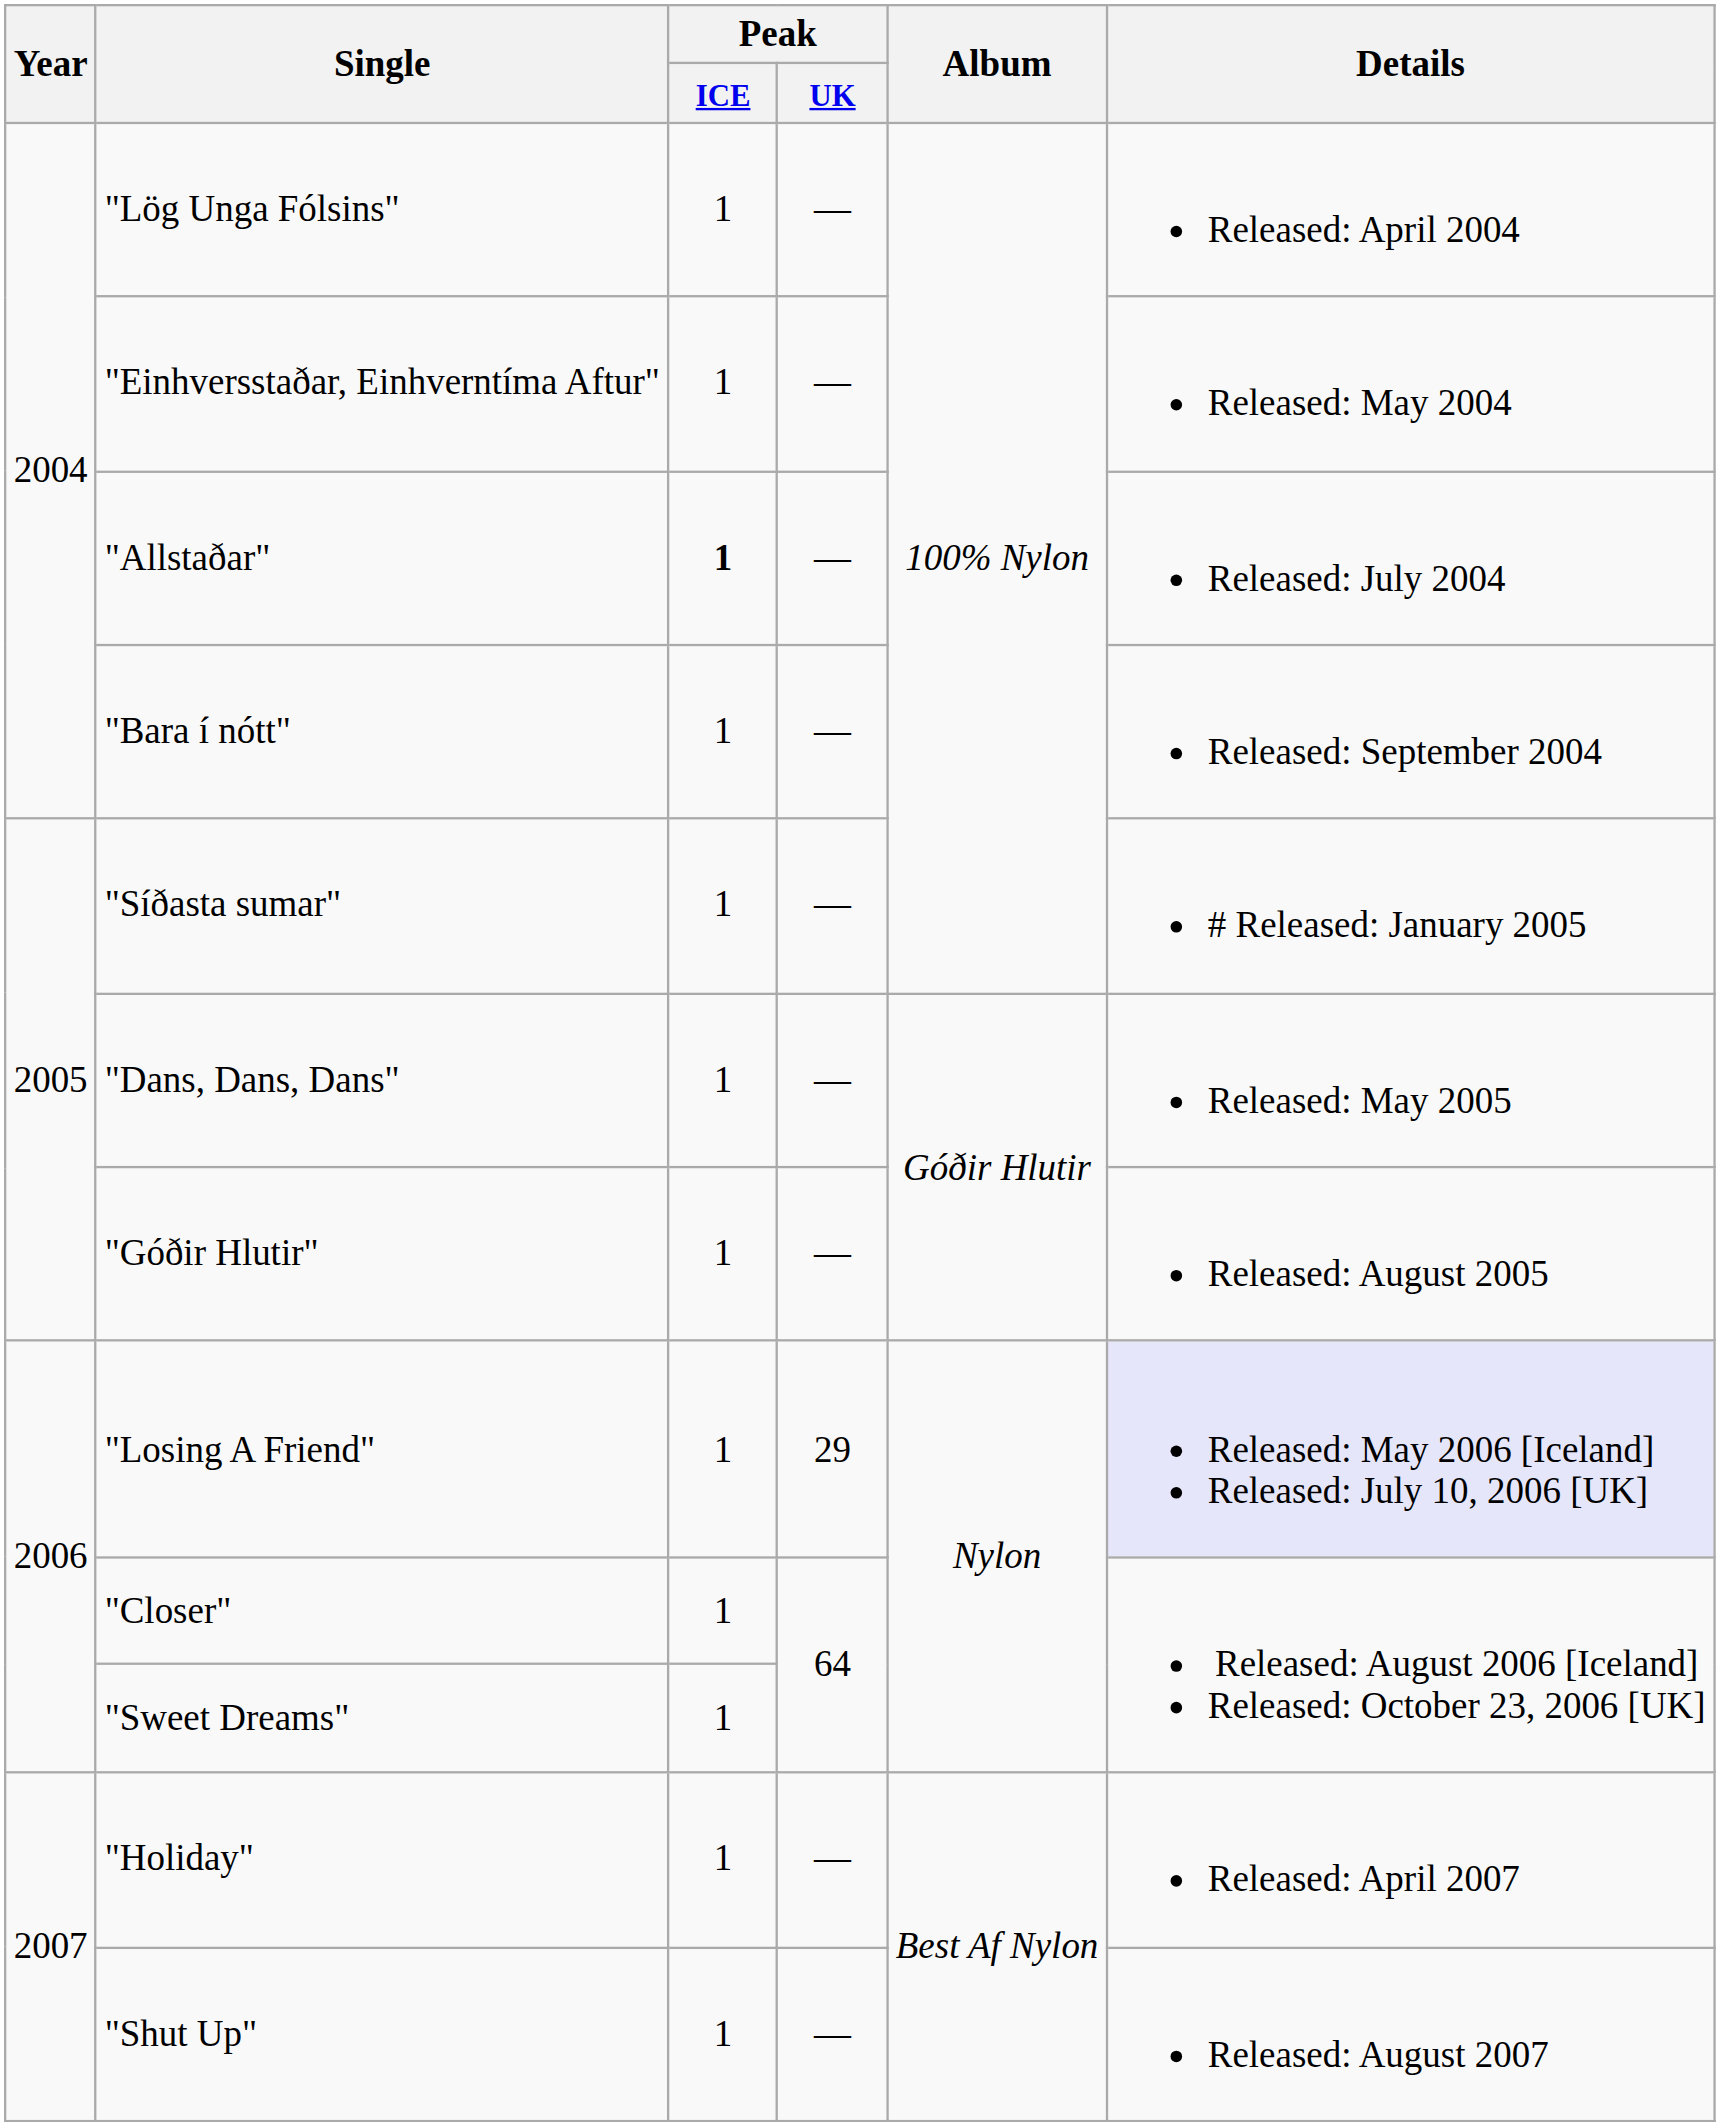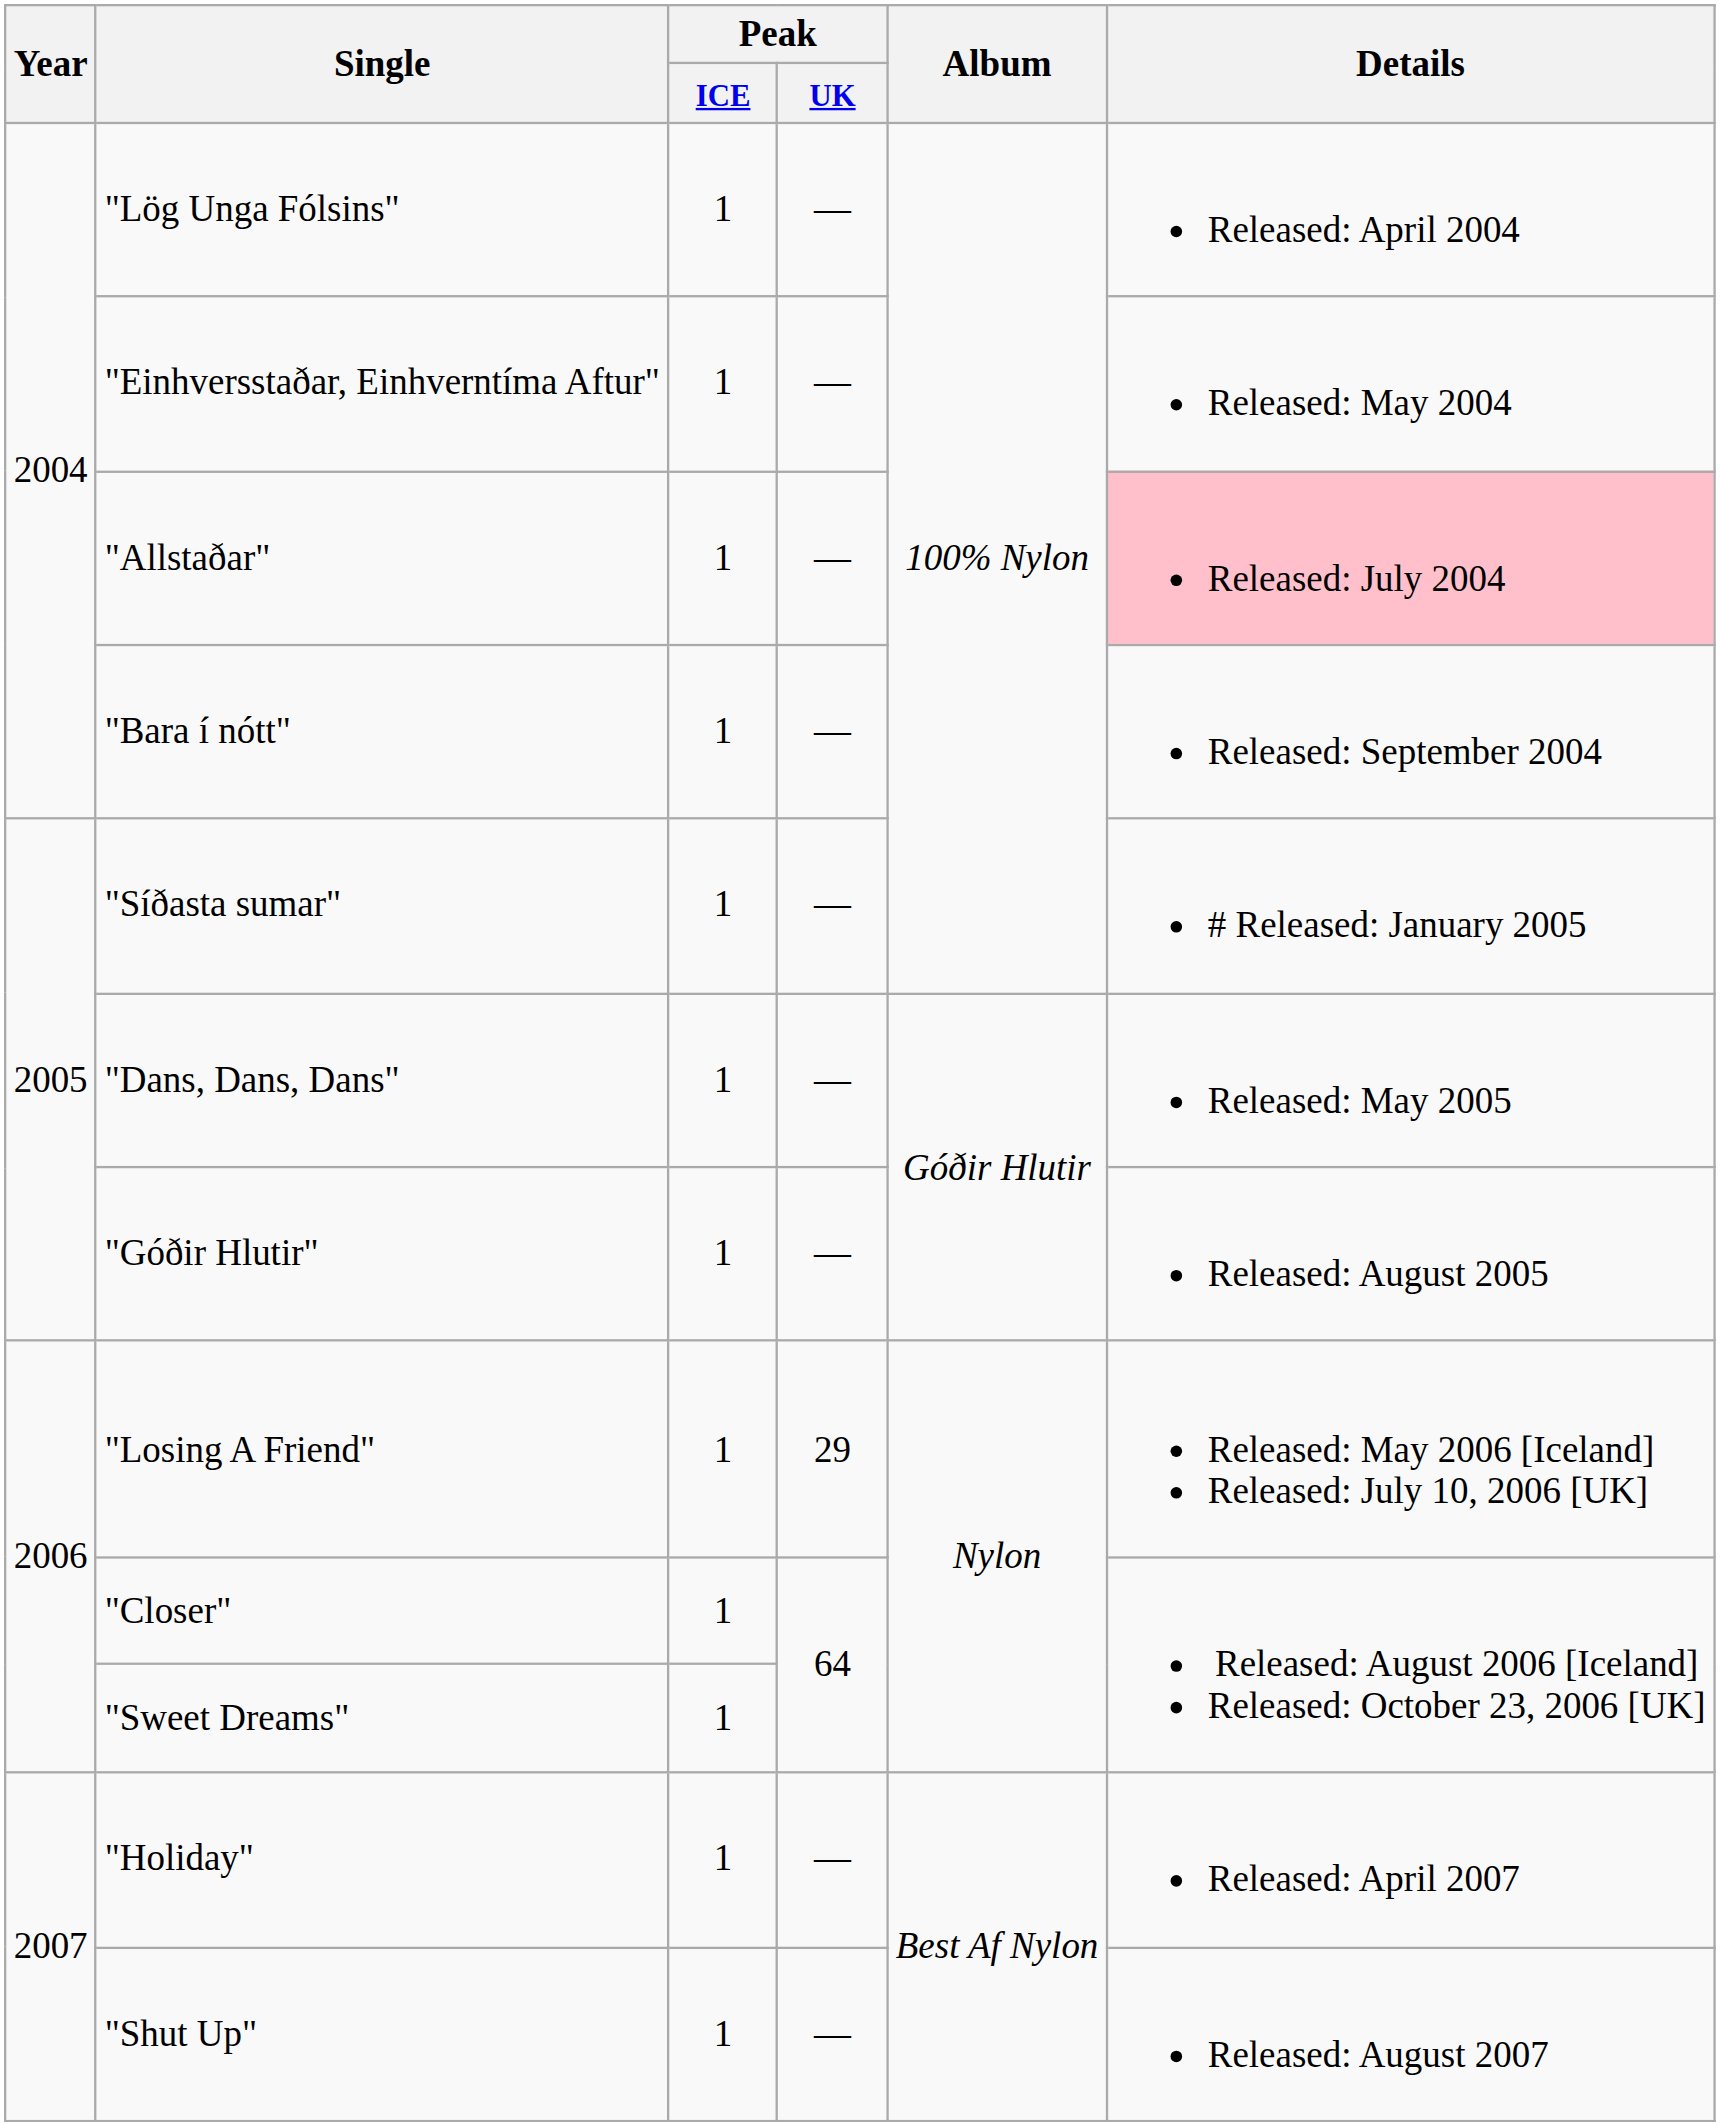 <table class="wikitable">
 <tr>
 <th rowspan="2">Year</th>
 <th rowspan="2">Single</th>
 <th colspan="2">Peak</th>
 <th rowspan="2">Album</th>
 <th rowspan="2">Details</th>
 </tr>
 <tr>
 <th align="center" width="40"><small><a href='#'>ICE</a></small></th>
 <th align="center" width="40"><small><a href='#'>UK</a></small><br></th>
 </tr>
 <tr>
 <td align="center" rowspan="4">2004</td>
 <td align="left">"Lög Unga Fólsins"</td>
 <td align="center">1</td>
 <td align="center">—</td>
 <td align="center" rowspan="5"><em>100% Nylon</em></td>
 <td><br><ul><li>Released: April 2004</li></ul></td>
 </tr>
 <tr>
 <td align="left">"Einhversstaðar, Einhverntíma Aftur"</td>
 <td align="center">1</td>
 <td align="center">—</td>
 <td><br><ul><li>Released: May 2004</li></ul></td>
 </tr>
 <tr>
 <td align="left">"Allstaðar"</td>
-<td align="center"><strong>1</strong></td>
+<td align="center">1</td>
 <td align="center">—</td>
-<td><br><ul><li>Released: July 2004</li></ul></td>
+<td style="background: pink;"><br><ul><li>Released: July 2004</li></ul></td>
 </tr>
 <tr>
 <td align="left">"Bara í nótt"</td>
 <td align="center">1</td>
 <td align="center">—</td>
 <td><br><ul><li>Released: September 2004</li></ul></td>
 </tr>
 <tr>
 <td align="center" rowspan="3">2005</td>
 <td align="left">"Síðasta sumar"</td>
 <td align="center">1</td>
 <td align="center">—</td>
 <td><br><ul><li># Released: January 2005</li></ul></td>
 </tr>
 <tr>
 <td align="left">"Dans, Dans, Dans"</td>
 <td align="center">1</td>
 <td align="center">—</td>
 <td align="center" rowspan="2"><em>Góðir Hlutir</em></td>
 <td><br><ul><li>Released: May 2005</li></ul></td>
 </tr>
 <tr>
 <td align="left">"Góðir Hlutir"</td>
 <td align="center">1</td>
 <td align="center">—</td>
 <td><br><ul><li>Released: August 2005</li></ul></td>
 </tr>
 <tr>
 <td align="center" rowspan="3">2006</td>
 <td align="left">"Losing A Friend"</td>
 <td align="center">1</td>
 <td align="center">29</td>
 <td align="center" rowspan="3"><em>Nylon</em></td>
-<td style="background: lavender;"><br><ul><li>Released: May 2006 [Iceland]</li><li>Released: July 10, 2006 [UK]</li></ul></td>
+<td><br><ul><li>Released: May 2006 [Iceland]</li><li>Released: July 10, 2006 [UK]</li></ul></td>
 </tr>
 <tr>
 <td align="left">"Closer"</td>
 <td align="center">1</td>
 <td align="center" rowspan="2">64</td>
 <td align="center" rowspan="2"><br><ul><li>Released: August 2006 [Iceland]</li><li>Released: October 23, 2006 [UK]</li></ul></td>
 </tr>
 <tr>
 <td align="left">"Sweet Dreams"</td>
 <td align="center">1</td>
 </tr>
 <tr>
 <td align="center" rowspan="2">2007</td>
 <td align="left">"Holiday"</td>
 <td align="center">1</td>
 <td align="center">—</td>
 <td align="center" rowspan="2"><em>Best Af Nylon</em></td>
 <td><br><ul><li>Released: April 2007</li></ul></td>
 </tr>
 <tr>
 <td align="left">"Shut Up"</td>
 <td align="center">1</td>
 <td align="center">—</td>
 <td><br><ul><li>Released: August 2007</li></ul></td>
 </tr>
 <tr>
 </tr>
 </table>
